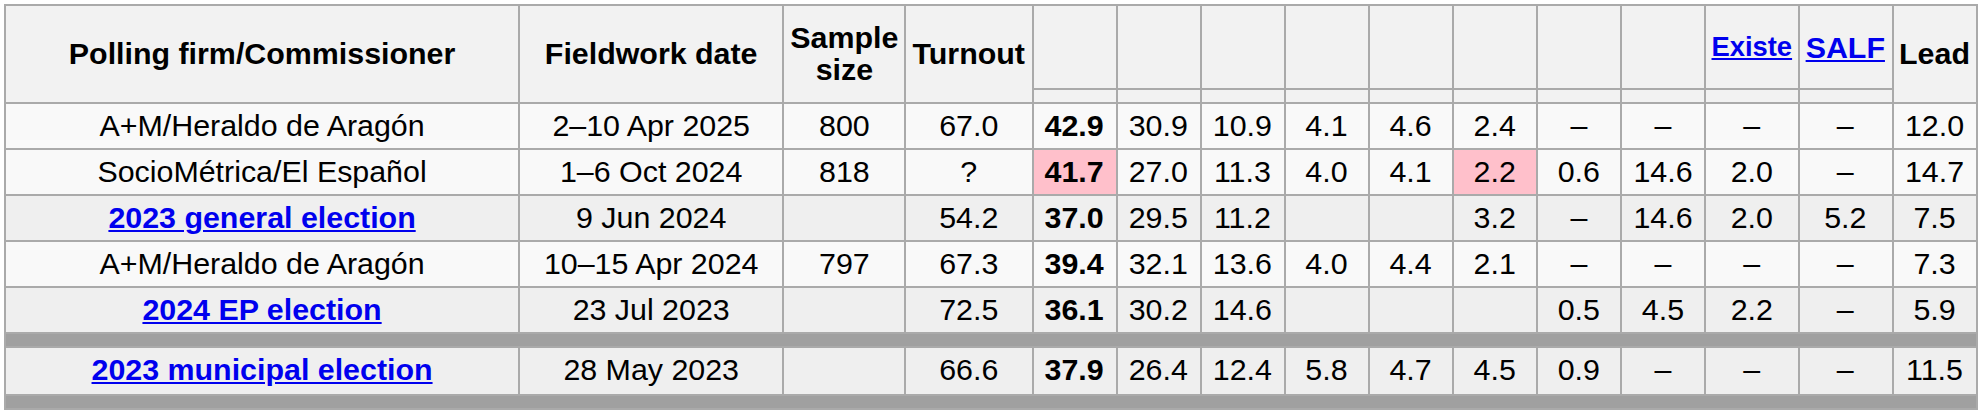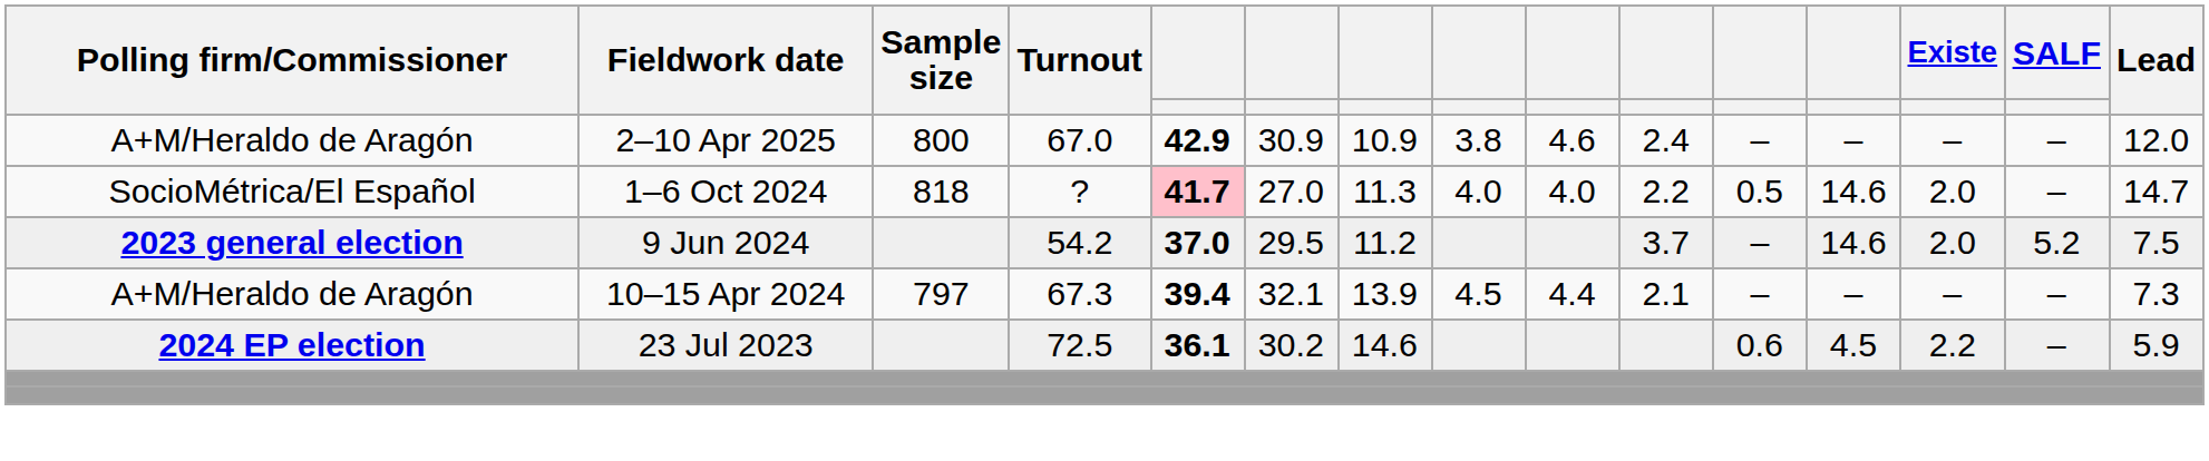 <table class="wikitable collapsible" style="text-align:center; font-size:95%; line-height:16px;">
 <tr style="height:42px;">
 <th style="width:250px;" rowspan="2">Polling firm/Commissioner</th>
 <th style="width:125px;" rowspan="2">Fieldwork date</th>
 <th style="width:50px;" rowspan="2">Sample size</th>
 <th style="width:45px;" rowspan="2">Turnout</th>
 <th style="width:35px;"></th>
 <th style="width:35px;"></th>
 <th style="width:35px;"></th>
 <th style="width:35px;"></th>
 <th style="width:35px;"></th>
 <th style="width:35px;"></th>
 <th style="width:35px;"></th>
 <th style="width:35px;"></th>
 <th style="width:35px; font-size:90%;"><a href='#'>Existe</a></th>
 <th style="width:35px;"><a href='#'>SALF</a></th>
 <th style="width:30px;" rowspan="2">Lead</th>
 </tr>
 <tr>
 <th style="color:inherit;background:"></th>
 <th style="color:inherit;background:"></th>
 <th style="color:inherit;background:"></th>
 <th style="color:inherit;background:"></th>
 <th style="color:inherit;background:"></th>
 <th style="color:inherit;background:"></th>
 <th style="color:inherit;background:"></th>
 <th style="color:inherit;background:"></th>
 <th style="color:inherit;background:"></th>
 <th style="color:inherit;background:"></th>
 </tr>
 <tr>
 <td>A+M/Heraldo de Aragón</td>
 <td>2–10 Apr 2025</td>
 <td>800</td>
 <td>67.0</td>
 <td><strong>42.9</strong><br></td>
 <td>30.9<br></td>
 <td>10.9<br></td>
-<td>4.1<br></td>
+<td>3.8<br></td>
 <td>4.6<br></td>
 <td>2.4<br></td>
 <td>–</td>
 <td>–</td>
 <td>–</td>
 <td>–</td>
 <td style="background:">12.0</td>
 </tr>
 <tr>
 <td>SocioMétrica/El Español</td>
 <td>1–6 Oct 2024</td>
 <td>818</td>
 <td>?</td>
 <td style="background: pink;"><strong>41.7</strong><br></td>
 <td>27.0<br></td>
 <td>11.3<br></td>
 <td>4.0<br></td>
-<td>4.1<br></td>
-<td style="background: pink;">2.2<br></td>
-<td>0.6<br></td>
+<td>4.0<br></td>
+<td>2.2<br></td>
+<td>0.5<br></td>
 <td>14.6<br></td>
 <td>2.0<br></td>
 <td>–</td>
 <td style="background:">14.7</td>
 </tr>
 <tr style="background:#EFEFEF;">
 <td><strong><a href='#'>2023 general election</a></strong></td>
 <td>9 Jun 2024</td>
 <td></td>
 <td>54.2</td>
 <td><strong>37.0</strong><br></td>
 <td>29.5<br></td>
 <td>11.2<br></td>
 <td></td>
 <td></td>
-<td>3.2<br></td>
+<td>3.7<br></td>
 <td>–</td>
 <td>14.6<br></td>
 <td>2.0<br></td>
 <td>5.2<br></td>
 <td style="background:">7.5</td>
 </tr>
 <tr>
 <td>A+M/Heraldo de Aragón</td>
 <td>10–15 Apr 2024</td>
 <td>797</td>
 <td>67.3</td>
 <td><strong>39.4</strong><br></td>
 <td>32.1<br></td>
-<td>13.6<br></td>
-<td>4.0<br></td>
+<td>13.9<br></td>
+<td>4.5<br></td>
 <td>4.4<br></td>
 <td>2.1<br></td>
 <td>–</td>
 <td>–</td>
 <td>–</td>
 <td>–</td>
 <td style="background:">7.3</td>
 </tr>
 <tr style="background:#EFEFEF;">
 <td><strong><a href='#'>2024 EP election</a></strong></td>
 <td>23 Jul 2023</td>
 <td></td>
 <td>72.5</td>
 <td><strong>36.1</strong><br></td>
 <td>30.2<br></td>
 <td>14.6<br></td>
 <td></td>
 <td></td>
 <td></td>
-<td>0.5<br></td>
+<td>0.6<br></td>
 <td>4.5<br></td>
 <td>2.2<br></td>
 <td>–</td>
 <td style="background:">5.9</td>
 </tr>
 <tr>
 <td colspan="15" style="background:#A0A0A0"></td>
 </tr>
-<tr style="background:#EFEFEF;">
-<td><strong><a href='#'>2023 municipal election</a></strong></td>
-<td>28 May 2023</td>
-<td></td>
-<td>66.6</td>
-<td><strong>37.9</strong><br></td>
-<td>26.4<br></td>
-<td>12.4<br></td>
-<td>5.8<br></td>
-<td>4.7<br></td>
-<td>4.5<br></td>
-<td>0.9<br></td>
-<td>–</td>
-<td>–</td>
-<td>–</td>
-<td style="background:">11.5</td>
-</tr>
 <tr>
 <td colspan="15" style="background:#A0A0A0"></td>
 </tr>
 </table>
